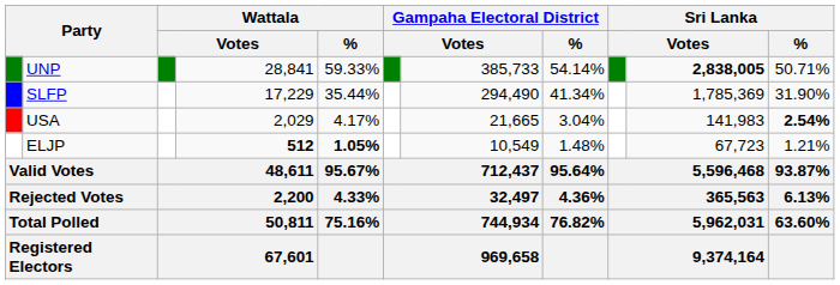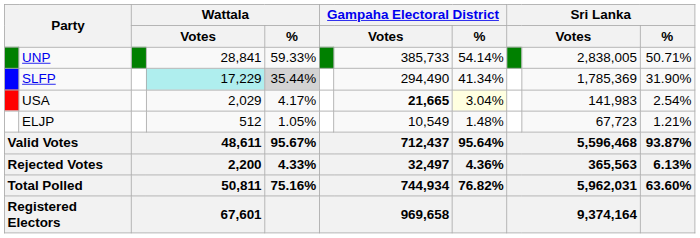 <table class="wikitable">
 <tr>
 <th colspan="2" width="144px"rowspan="2">Party</th>
 <th colspan="3" width="216px">Wattala</th>
 <th colspan="3" width="216px"><a href='#'>Gampaha Electoral District</a></th>
 <th colspan="3" width="216px">Sri Lanka</th>
 </tr>
 <tr>
 <th colspan="2" width="144px">Votes</th>
 <th>%</th>
 <th colspan="2" width="144px">Votes</th>
 <th>%</th>
 <th colspan="2" width="144px">Votes</th>
 <th>%</th>
 </tr>
 <tr>
 <td style="background-color:green;" width="10px"></td>
 <td style="text-align:left;"><a href='#'>UNP</a></td>
 <td style="background-color:green;" width="10px"></td>
 <td style="text-align:right;">28,841</td>
 <td style="text-align:right;">59.33%</td>
 <td style="background-color:green;" width="10px"></td>
 <td style="text-align:right;">385,733</td>
 <td style="text-align:right;">54.14%</td>
 <td style="background-color:green;" width="10px"></td>
-<td style="text-align:right;"><strong>2,838,005</strong></td>
+<td style="text-align:right;">2,838,005</td>
 <td style="text-align:right;">50.71%</td>
 </tr>
 <tr>
 <td style="background-color:blue;" width="10px"></td>
 <td style="text-align:left;"><a href='#'>SLFP</a></td>
 <td style="background-color:white;" width="10px"></td>
-<td style="text-align:right;">17,229</td>
-<td style="text-align:right;">35.44%</td>
+<td style="background: paleturquoise; text-align:right;">17,229</td>
+<td style="background: lightgrey; text-align:right;">35.44%</td>
 <td style="background-color:white;" width="10px"></td>
 <td style="text-align:right;">294,490</td>
 <td style="text-align:right;">41.34%</td>
 <td style="background-color:white;" width="10px"></td>
 <td style="text-align:right;">1,785,369</td>
 <td style="text-align:right;">31.90%</td>
 </tr>
 <tr>
 <td style="background-color:red;" width="10px"></td>
 <td style="text-align:left;">USA</td>
 <td style="background-color:white;" width="10px"></td>
 <td style="text-align:right;">2,029</td>
 <td style="text-align:right;">4.17%</td>
 <td style="background-color:white;" width="10px"></td>
-<td style="text-align:right;">21,665</td>
-<td style="text-align:right;">3.04%</td>
+<td style="text-align:right;"><strong>21,665</strong></td>
+<td style="background: lightyellow; text-align:right;">3.04%</td>
 <td style="background-color:white;" width="10px"></td>
 <td style="text-align:right;">141,983</td>
-<td style="text-align:right;"><strong>2.54%</strong></td>
+<td style="text-align:right;">2.54%</td>
 </tr>
 <tr>
 <td style="background-color:white;" width="10px"></td>
 <td style="text-align:left;">ELJP</td>
 <td style="background-color:white;" width="10px"></td>
-<td style="text-align:right;"><strong>512</strong></td>
-<td style="text-align:right;"><strong>1.05%</strong></td>
+<td style="text-align:right;">512</td>
+<td style="text-align:right;">1.05%</td>
 <td style="background-color:white;" width="10px"></td>
 <td style="text-align:right;">10,549</td>
 <td style="text-align:right;">1.48%</td>
 <td style="background-color:white;" width="10px"></td>
 <td style="text-align:right;">67,723</td>
 <td style="text-align:right;">1.21%</td>
 </tr>
 <tr>
 <th colspan="2" width="144px"style="text-align:left;">Valid Votes</th>
 <th style="text-align:right;"colspan="2" width="144px">48,611</th>
 <th style="text-align:right;">95.67%</th>
 <th style="text-align:right;"colspan="2" width="144px">712,437</th>
 <th style="text-align:right;">95.64%</th>
 <th style="text-align:right;"colspan="2" width="144px">5,596,468</th>
 <th style="text-align:right;">93.87%</th>
 </tr>
 <tr>
 <th colspan="2" width="144px"style="text-align:left;">Rejected Votes</th>
 <th style="text-align:right;"colspan="2" width="144px">2,200</th>
 <th style="text-align:right;">4.33%</th>
 <th style="text-align:right;"colspan="2" width="144px">32,497</th>
 <th style="text-align:right;">4.36%</th>
 <th style="text-align:right;"colspan="2" width="144px">365,563</th>
 <th style="text-align:right;">6.13%</th>
 </tr>
 <tr>
 <th colspan="2" width="144px"style="text-align:left;">Total Polled</th>
 <th style="text-align:right;"colspan="2" width="144px">50,811</th>
 <th style="text-align:right;">75.16%</th>
 <th style="text-align:right;"colspan="2" width="144px">744,934</th>
 <th style="text-align:right;">76.82%</th>
 <th style="text-align:right;"colspan="2" width="144px">5,962,031</th>
 <th style="text-align:right;">63.60%</th>
 </tr>
 <tr>
 <th colspan="2" width="144px"style="text-align:left;">Registered Electors</th>
 <th style="text-align:right;"colspan="2" width="144px">67,601</th>
 <th></th>
 <th style="text-align:right;"colspan="2" width="144px">969,658</th>
 <th></th>
 <th style="text-align:right;"colspan="2" width="144px">9,374,164</th>
 <th></th>
 </tr>
 </table>
